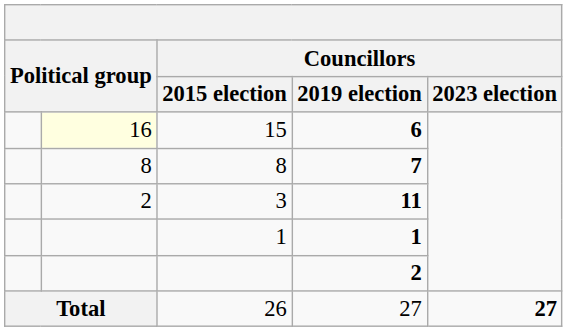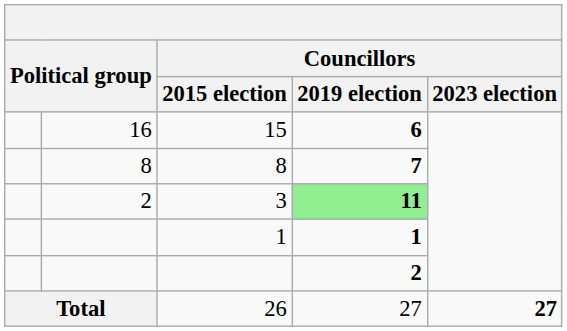 <table class="wikitable" style="text-align:right">
 <tr>
 <th colspan="5"><br></th>
 </tr>
 <tr>
 <th colspan=2 rowspan=2>Political group</th>
 <th colspan=3>Councillors</th>
 </tr>
 <tr>
 <th>2015 election</th>
 <th>2019 election</th>
 <th>2023 election</th>
 </tr>
 <tr>
 <td></td>
-<td style="background: lightyellow;">16</td>
+<td>16</td>
 <td>15</td>
 <td><strong>6</strong></td>
 </tr>
 <tr>
 <td></td>
 <td>8</td>
 <td>8</td>
 <td><strong>7</strong></td>
 </tr>
 <tr>
 <td></td>
 <td>2</td>
 <td>3</td>
-<td><strong>11</strong></td>
+<td style="background: lightgreen;"><strong>11</strong></td>
 </tr>
 <tr>
 <td></td>
 <td></td>
 <td>1</td>
 <td><strong>1</strong></td>
 </tr>
 <tr>
 <td></td>
 <td></td>
 <td></td>
 <td><strong>2</strong></td>
 </tr>
 <tr>
 <th colspan=2>Total</th>
 <td>26</td>
 <td>27</td>
 <td><strong>27</strong><br></td>
 </tr>
 </table>
